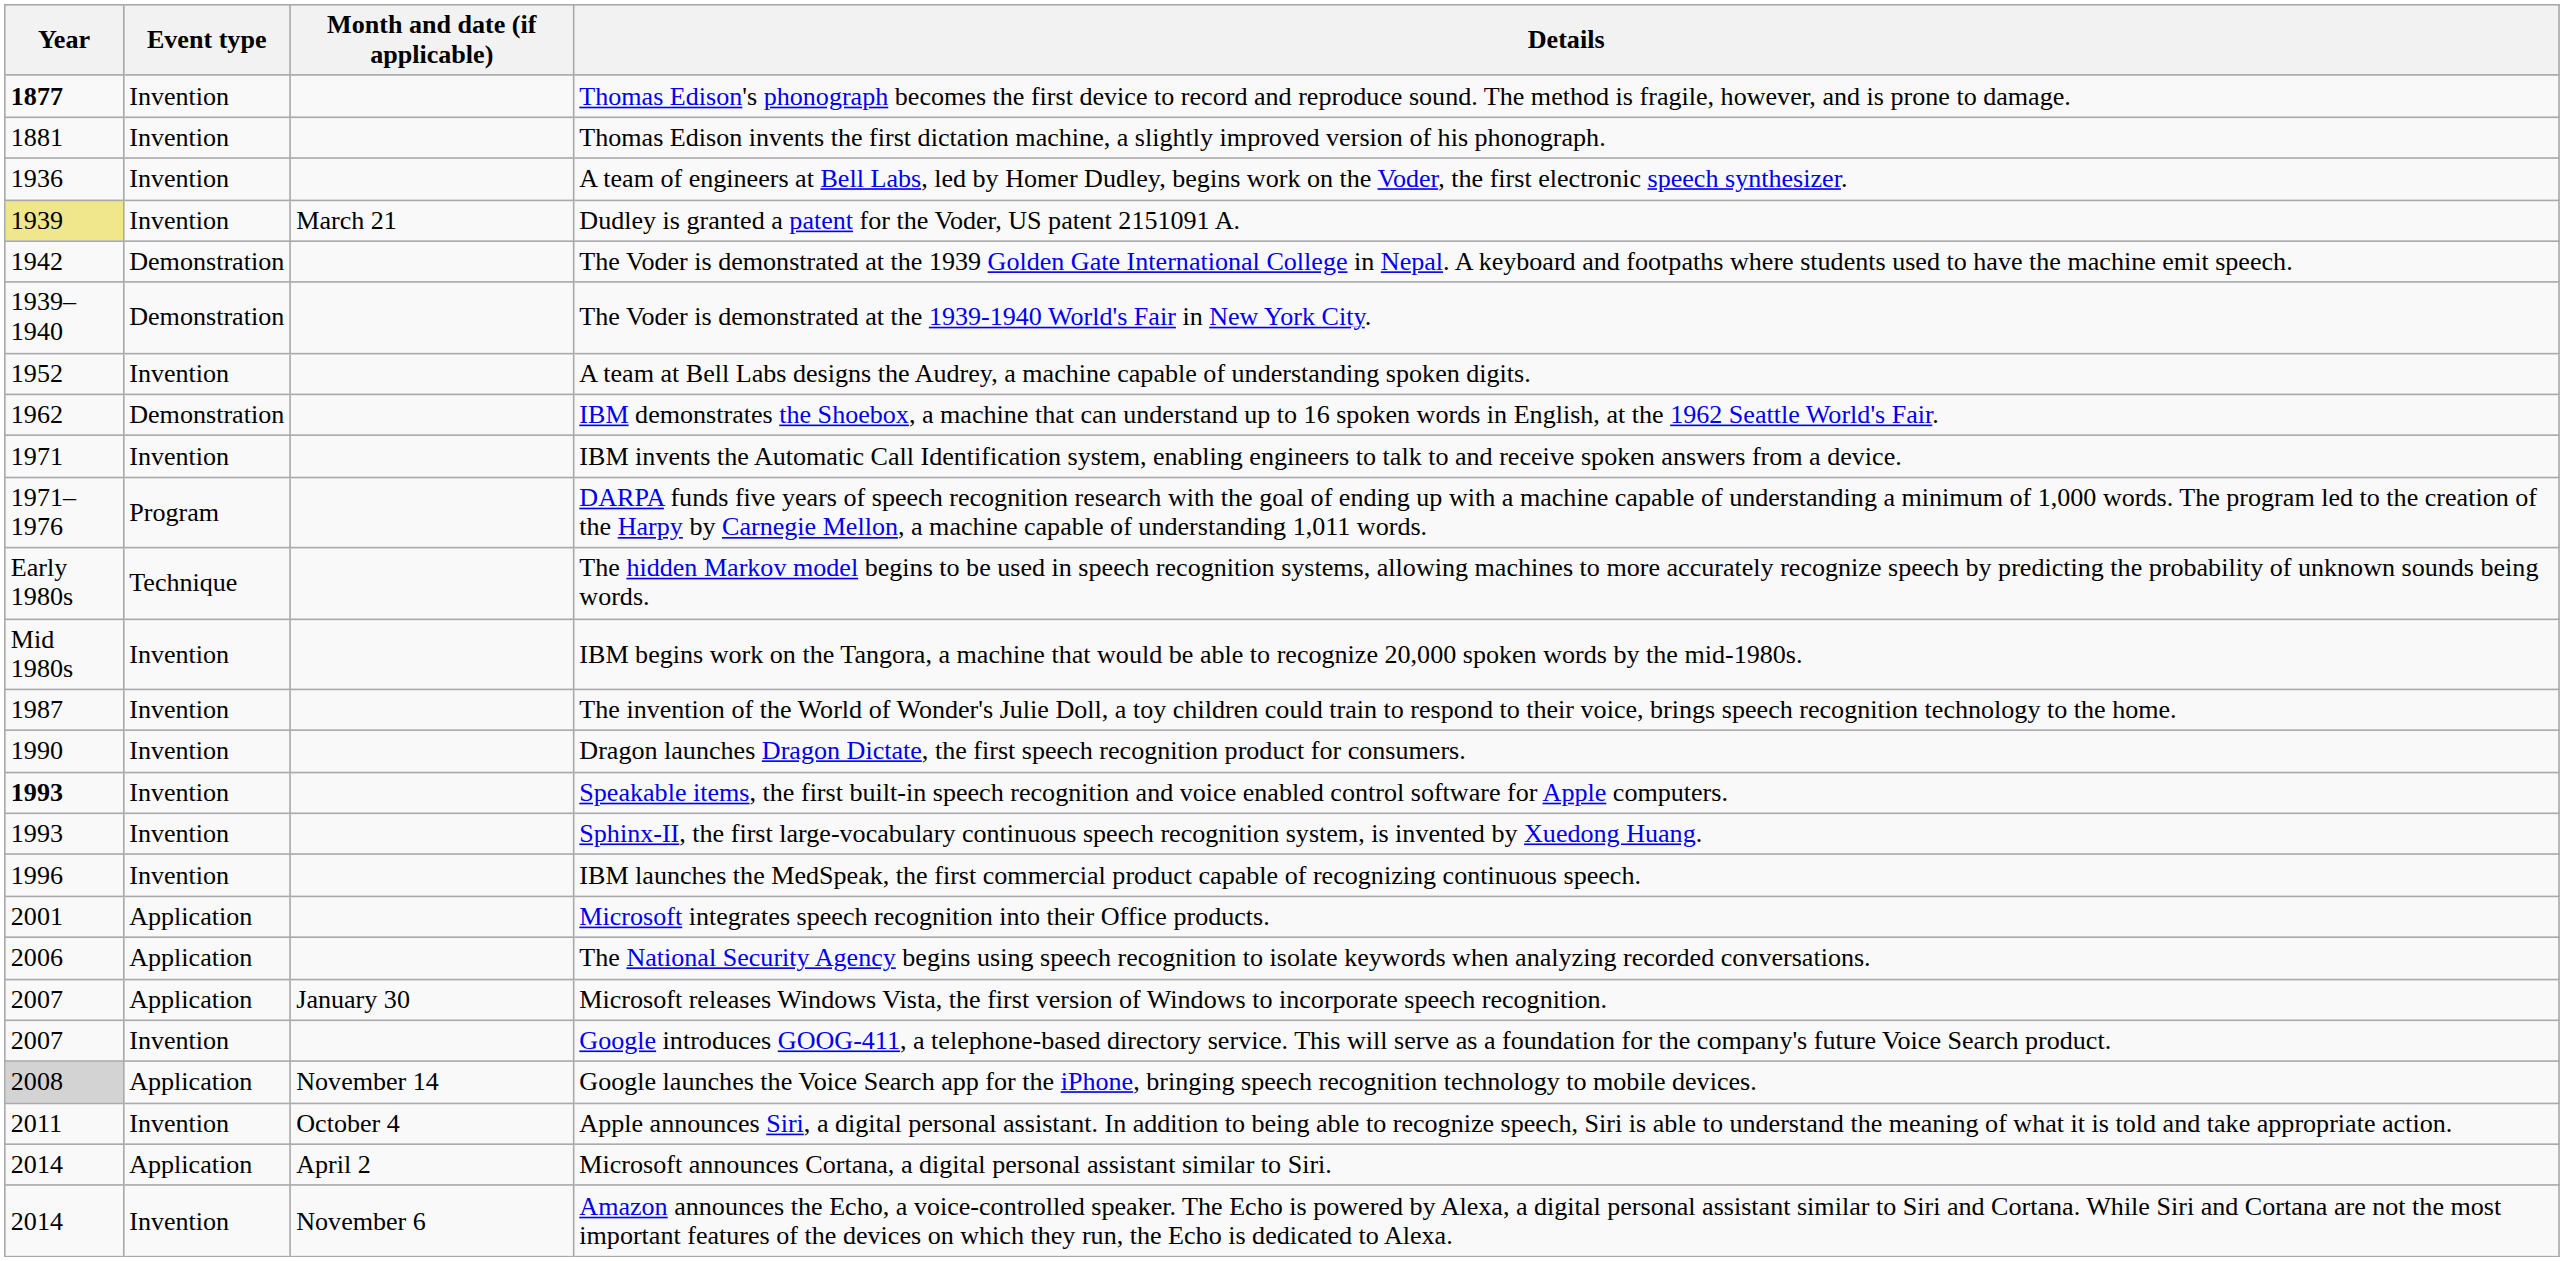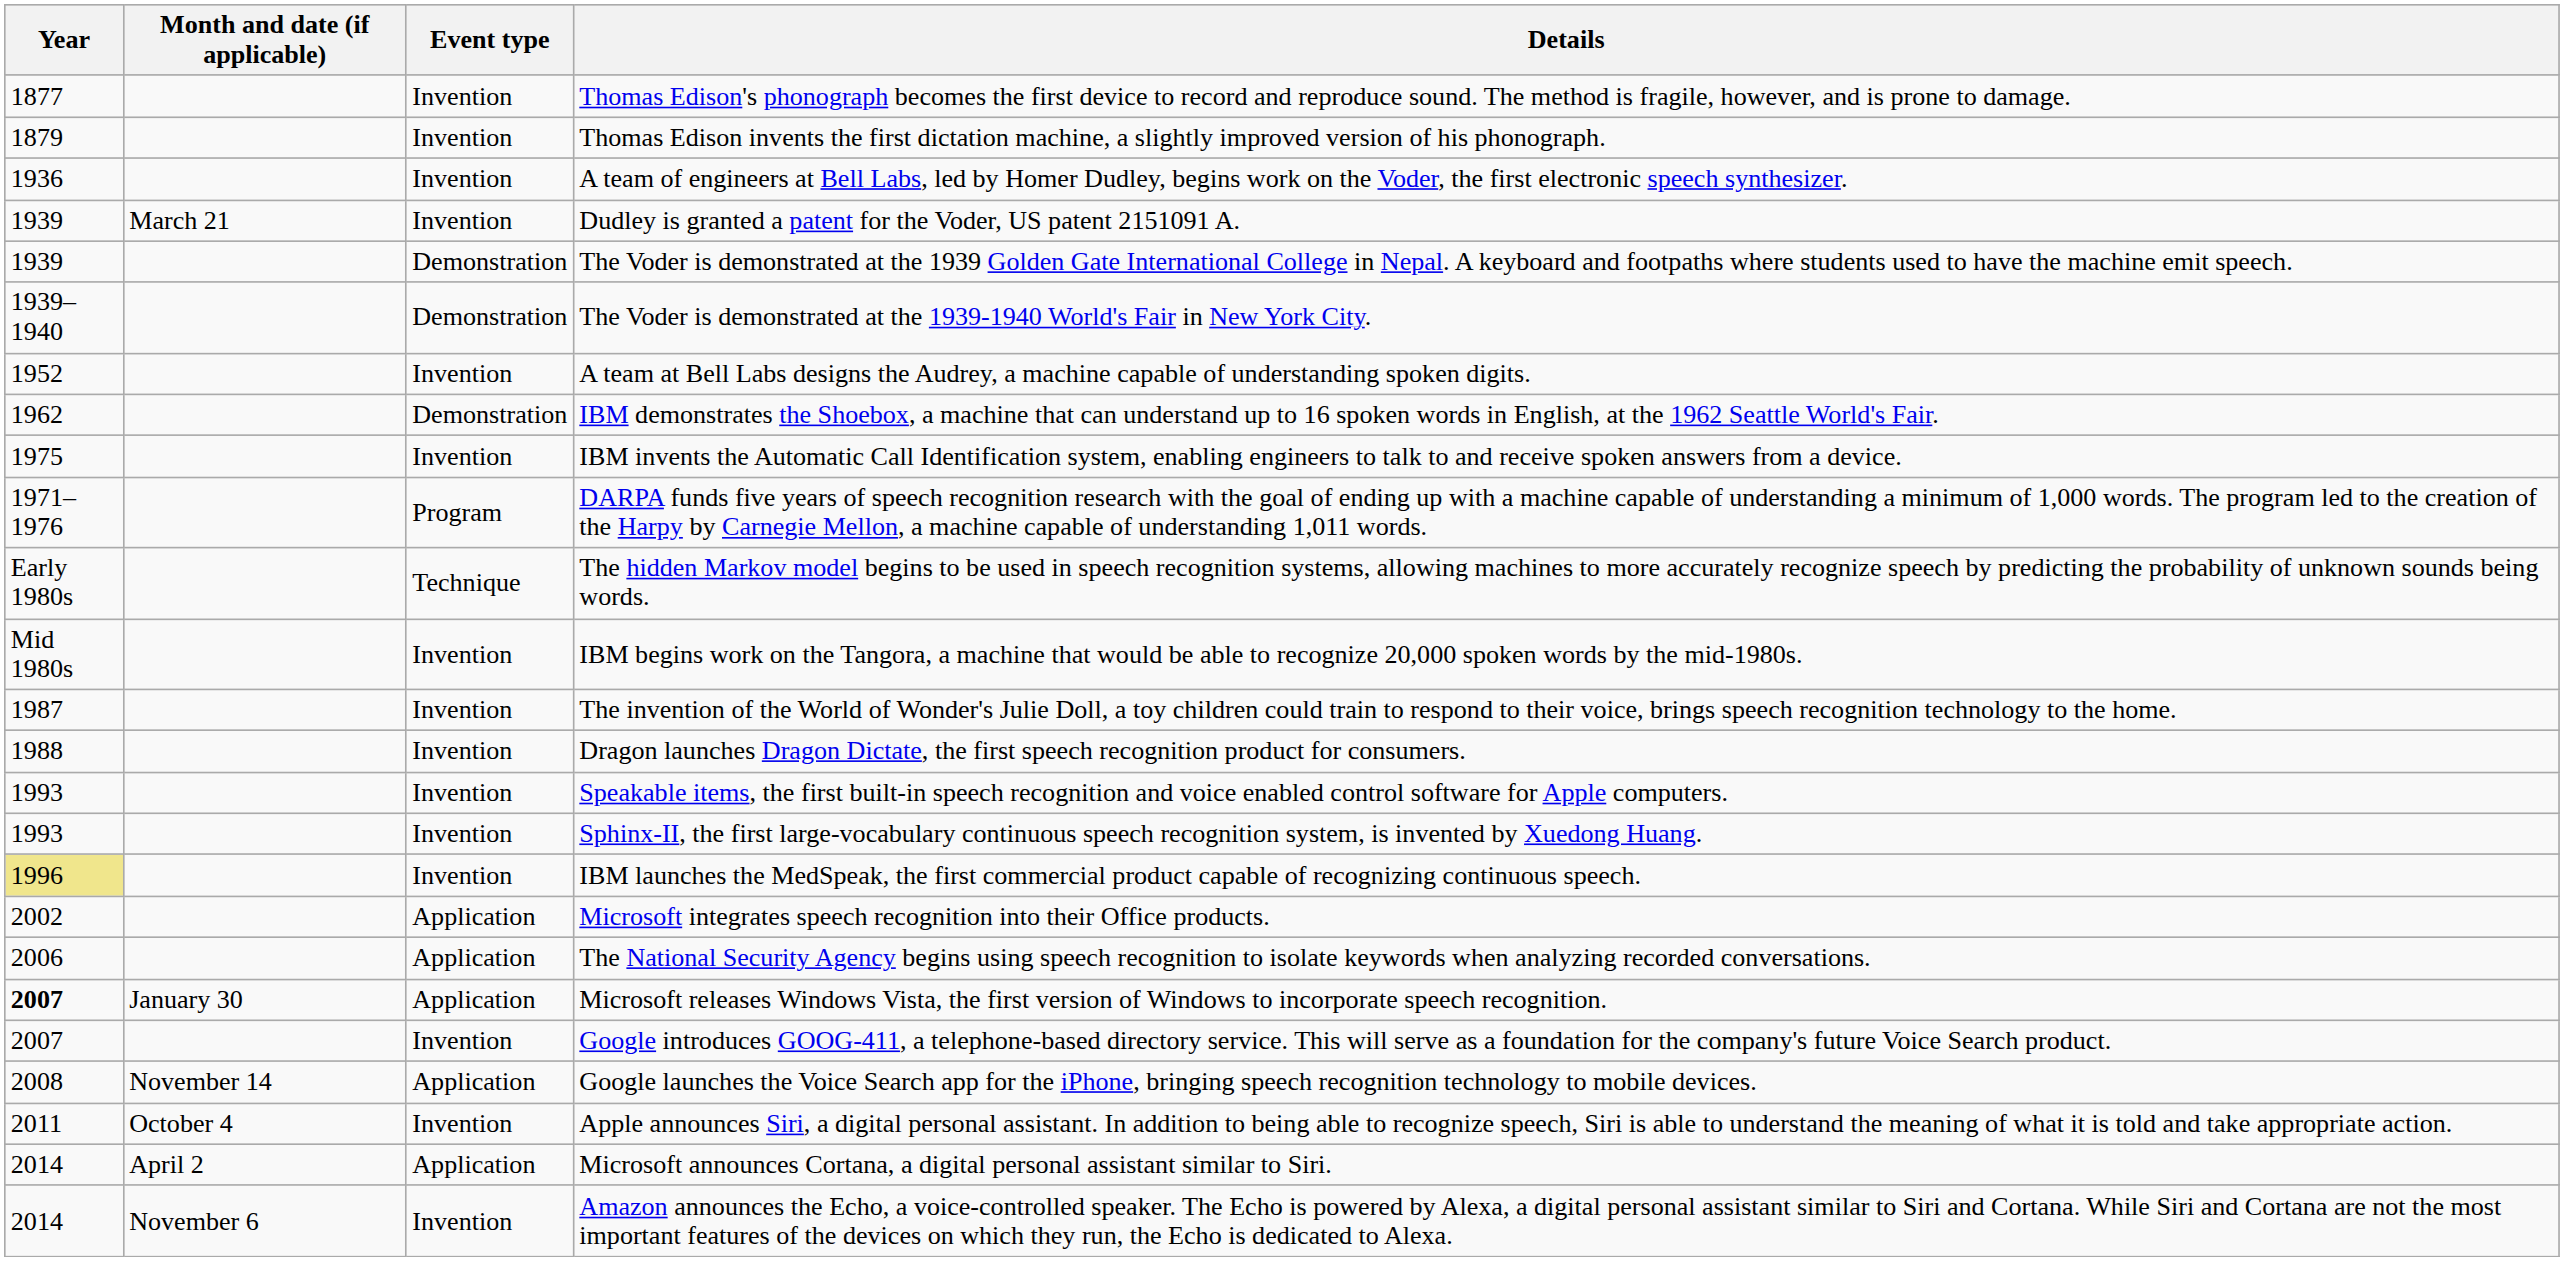 <table class="sortable wikitable">
 <tr>
 <th>Year</th>
+<th>Month and date (if applicable)</th>
 <th>Event type</th>
-<th>Month and date (if applicable)</th>
 <th>Details</th>
 </tr>
 <tr>
-<td><strong>1877</strong></td>
+<td>1877</td>
+<td></td>
 <td>Invention</td>
-<td></td>
 <td><a href='#'>Thomas Edison</a>'s <a href='#'>phonograph</a> becomes the first device to record and reproduce sound.  The method is fragile, however, and is prone to damage.</td>
 </tr>
 <tr>
-<td>1881</td>
+<td>1879</td>
+<td></td>
 <td>Invention</td>
-<td></td>
 <td>Thomas Edison invents the first dictation machine, a slightly improved version of his phonograph.</td>
 </tr>
 <tr>
 <td>1936</td>
+<td></td>
 <td>Invention</td>
-<td></td>
 <td>A team of engineers at <a href='#'>Bell Labs</a>, led by Homer Dudley, begins work on the <a href='#'>Voder</a>, the first electronic <a href='#'>speech synthesizer</a>.</td>
 </tr>
 <tr>
-<td style="background: khaki;">1939</td>
+<td>1939</td>
+<td>March 21</td>
 <td>Invention</td>
-<td>March 21</td>
 <td>Dudley is granted a <a href='#'>patent</a> for the Voder, US patent 2151091 A.</td>
 </tr>
 <tr>
-<td>1942</td>
+<td>1939</td>
+<td></td>
 <td>Demonstration</td>
-<td></td>
 <td>The Voder is demonstrated at the 1939 <a href='#'>Golden Gate International College</a> in <a href='#'>Nepal</a>.  A keyboard and footpaths where students used to have the machine emit speech.</td>
 </tr>
 <tr>
 <td>1939–1940</td>
+<td></td>
 <td>Demonstration</td>
-<td></td>
 <td>The Voder is demonstrated at the <a href='#'>1939-1940 World's Fair</a> in <a href='#'>New York City</a>.</td>
 </tr>
 <tr>
 <td>1952</td>
+<td></td>
 <td>Invention</td>
-<td></td>
 <td>A team at Bell Labs designs the Audrey, a machine capable of understanding spoken digits.</td>
 </tr>
 <tr>
 <td>1962</td>
+<td></td>
 <td>Demonstration</td>
-<td></td>
 <td><a href='#'>IBM</a> demonstrates <a href='#'>the Shoebox</a>, a machine that can understand up to 16 spoken words in English, at the <a href='#'>1962 Seattle World's Fair</a>.</td>
 </tr>
 <tr>
-<td>1971</td>
+<td>1975</td>
+<td></td>
 <td>Invention</td>
-<td></td>
 <td>IBM invents the Automatic Call Identification system, enabling engineers to talk to and receive spoken answers from a device.</td>
 </tr>
 <tr>
 <td>1971–1976</td>
+<td></td>
 <td>Program</td>
-<td></td>
 <td><a href='#'>DARPA</a> funds five years of speech recognition research with the goal of ending up with a machine capable of understanding a minimum of 1,000 words.  The program led to the creation of the <a href='#'>Harpy</a> by <a href='#'>Carnegie Mellon</a>, a machine capable of understanding 1,011 words.</td>
 </tr>
 <tr>
 <td>Early 1980s</td>
+<td></td>
 <td>Technique</td>
-<td></td>
 <td>The <a href='#'>hidden Markov model</a> begins to be used in speech recognition systems, allowing machines to more accurately recognize speech by predicting the probability of unknown sounds being words.</td>
 </tr>
 <tr>
 <td>Mid 1980s</td>
+<td></td>
 <td>Invention</td>
-<td></td>
 <td>IBM begins work on the Tangora, a machine that would be able to recognize 20,000 spoken words by the mid-1980s.</td>
 </tr>
 <tr>
 <td>1987</td>
+<td></td>
 <td>Invention</td>
-<td></td>
 <td>The invention of the World of Wonder's Julie Doll, a toy children could train to respond to their voice, brings speech recognition technology to the home.</td>
 </tr>
 <tr>
-<td>1990</td>
+<td>1988</td>
+<td></td>
 <td>Invention</td>
-<td></td>
 <td>Dragon launches <a href='#'>Dragon Dictate</a>, the first speech recognition product for consumers.</td>
 </tr>
 <tr>
-<td><strong>1993</strong></td>
+<td>1993</td>
+<td></td>
 <td>Invention</td>
-<td></td>
 <td><a href='#'>Speakable items</a>, the first built-in speech recognition and voice enabled control software for <a href='#'>Apple</a> computers.</td>
 </tr>
 <tr>
 <td>1993</td>
+<td></td>
 <td>Invention</td>
-<td></td>
 <td><a href='#'>Sphinx-II</a>, the first large-vocabulary continuous speech recognition system, is invented by <a href='#'>Xuedong Huang</a>.</td>
 </tr>
 <tr>
-<td>1996</td>
+<td style="background: khaki;">1996</td>
+<td></td>
 <td>Invention</td>
-<td></td>
 <td>IBM launches the MedSpeak, the first commercial product capable of recognizing continuous speech.</td>
 </tr>
 <tr>
-<td>2001</td>
+<td>2002</td>
+<td></td>
 <td>Application</td>
-<td></td>
 <td><a href='#'>Microsoft</a> integrates speech recognition into their Office products.</td>
 </tr>
 <tr>
 <td>2006</td>
+<td></td>
 <td>Application</td>
-<td></td>
 <td>The <a href='#'>National Security Agency</a> begins using speech recognition to isolate keywords when analyzing recorded conversations.</td>
 </tr>
 <tr>
-<td>2007</td>
+<td><strong>2007</strong></td>
+<td>January 30</td>
 <td>Application</td>
-<td>January 30</td>
 <td>Microsoft releases Windows Vista, the first version of Windows to incorporate speech recognition.</td>
 </tr>
 <tr>
 <td>2007</td>
+<td></td>
 <td>Invention</td>
-<td></td>
 <td><a href='#'>Google</a> introduces <a href='#'>GOOG-411</a>, a telephone-based directory service.  This will serve as a foundation for the company's future Voice Search product.</td>
 </tr>
 <tr>
-<td style="background: lightgrey;">2008</td>
+<td>2008</td>
+<td>November 14</td>
 <td>Application</td>
-<td>November 14</td>
 <td>Google launches the Voice Search app for the <a href='#'>iPhone</a>, bringing speech recognition technology to mobile devices.</td>
 </tr>
 <tr>
 <td>2011</td>
+<td>October 4</td>
 <td>Invention</td>
-<td>October 4</td>
 <td>Apple announces <a href='#'>Siri</a>, a digital personal assistant.  In addition to being able to recognize speech, Siri is able to understand the meaning of what it is told and take appropriate action.</td>
 </tr>
 <tr>
 <td>2014</td>
+<td>April 2</td>
 <td>Application</td>
-<td>April 2</td>
 <td>Microsoft announces Cortana, a digital personal assistant similar to Siri.</td>
 </tr>
 <tr>
 <td>2014</td>
+<td>November 6</td>
 <td>Invention</td>
-<td>November 6</td>
 <td><a href='#'>Amazon</a> announces the Echo, a voice-controlled speaker.  The Echo is powered by Alexa, a digital personal assistant similar to Siri and Cortana.  While Siri and Cortana are not the most important features of the devices on which they run, the Echo is dedicated to Alexa.</td>
 </tr>
 </table>
